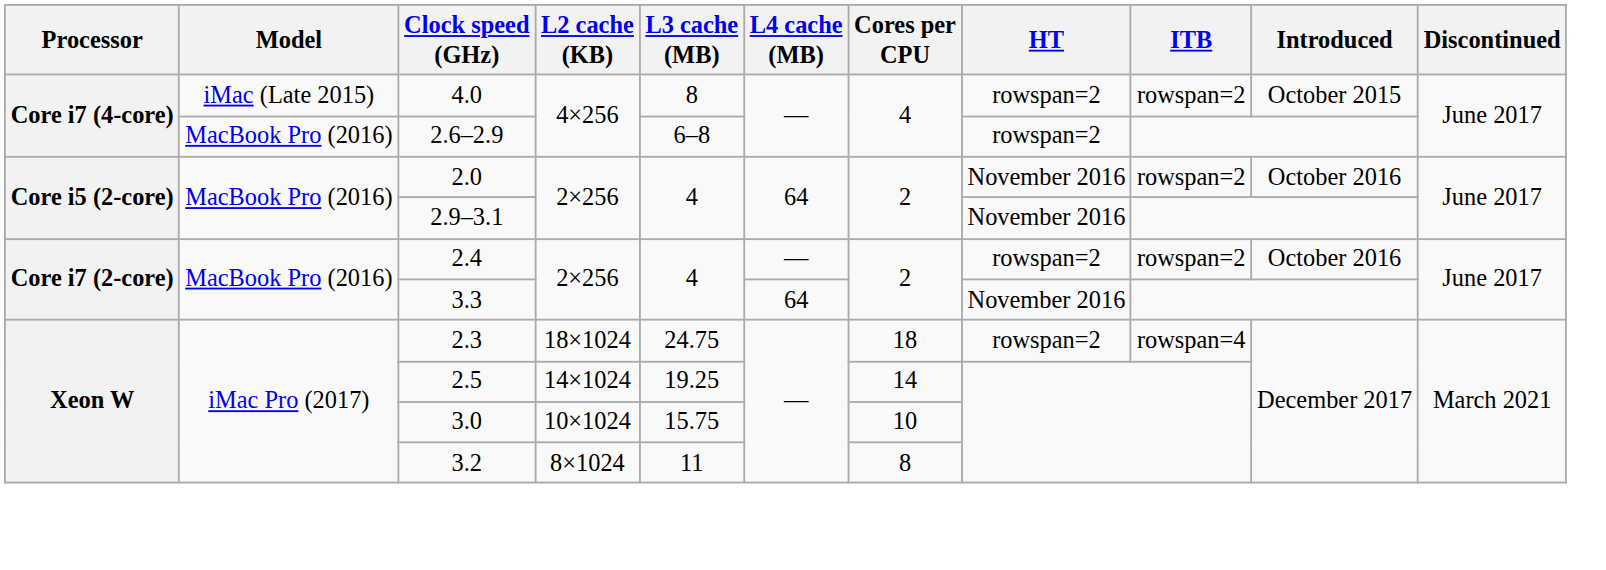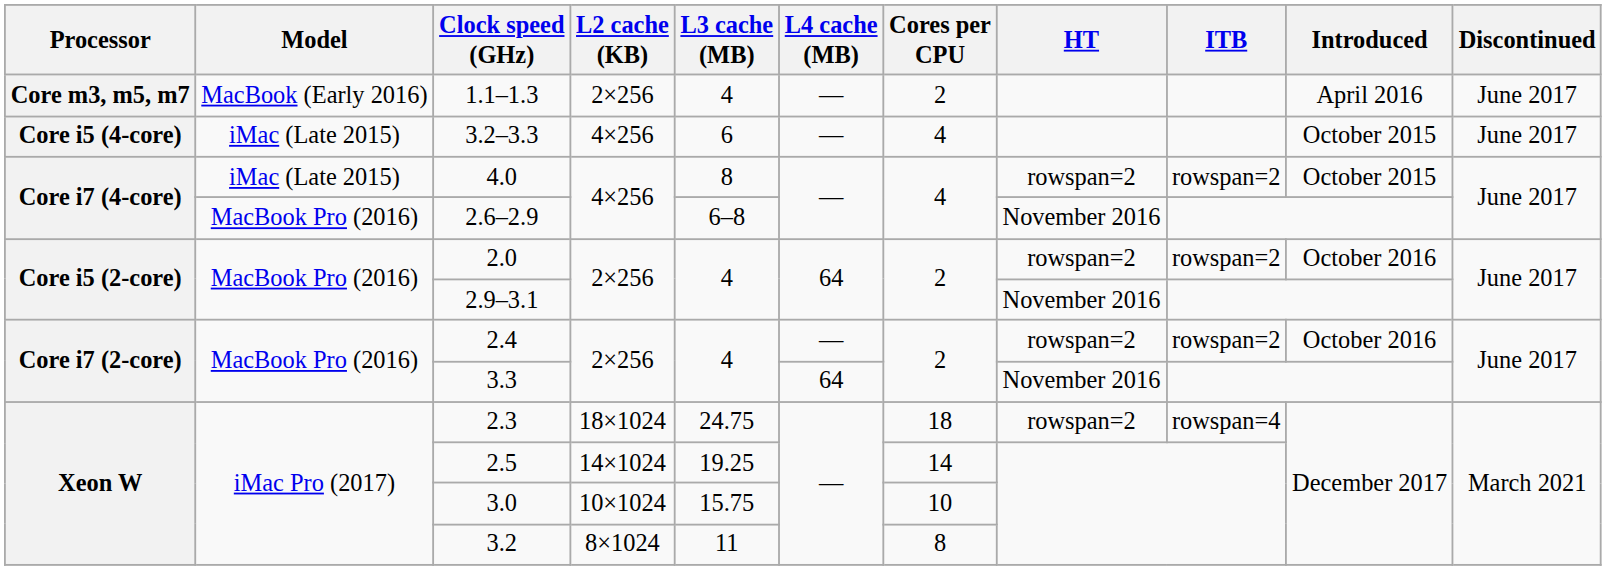 <table class="wikitable sortable" style="font-size:smaller; text-align:center">
 <tr>
 <th>Processor</th>
 <th>Model</th>
 <th><a href='#'>Clock speed</a><br>(GHz)</th>
 <th><a href='#'>L2 cache</a><br>(KB)</th>
 <th><a href='#'>L3 cache</a><br>(MB)</th>
 <th><a href='#'>L4 cache</a><br>(MB)</th>
 <th>Cores per<br>CPU</th>
 <th><a href='#'>HT</a></th>
 <th><a href='#'>ITB</a></th>
 <th>Introduced</th>
 <th>Discontinued</th>
+</tr>
+<tr>
+<th>Core m3, m5, m7</th>
+<td><a href='#'>MacBook</a> (Early 2016)</td>
+<td>1.1–1.3</td>
+<td>2×256</td>
+<td>4</td>
+<td>—</td>
+<td>2</td>
+<td></td>
+<td></td>
+<td>April 2016</td>
+<td>June 2017</td>
+</tr>
+<tr>
+<th>Core i5 (4-core)</th>
+<td><a href='#'>iMac</a> (Late 2015)</td>
+<td>3.2–3.3</td>
+<td>4×256</td>
+<td>6</td>
+<td>—</td>
+<td>4</td>
+<td></td>
+<td></td>
+<td>October 2015</td>
+<td>June 2017</td>
 </tr>
 <tr>
 <th rowspan=2>Core i7 (4-core)</th>
 <td><a href='#'>iMac</a> (Late 2015)</td>
 <td>4.0</td>
 <td rowspan=2>4×256</td>
 <td>8</td>
 <td rowspan=2>—</td>
 <td rowspan=2>4</td>
 <td>rowspan=2 </td>
 <td>rowspan=2 </td>
 <td>October 2015</td>
 <td rowspan=2>June 2017</td>
 </tr>
 <tr>
 <td><a href='#'>MacBook Pro</a> (2016)</td>
 <td>2.6–2.9</td>
 <td>6–8</td>
-<td>rowspan=2 </td>
+<td>November 2016</td>
 </tr>
 <tr>
 <th rowspan=2>Core i5 (2-core)</th>
 <td rowspan=2><a href='#'>MacBook Pro</a> (2016)</td>
 <td>2.0</td>
 <td rowspan=2>2×256</td>
 <td rowspan=2>4</td>
 <td rowspan=2>64</td>
 <td rowspan=2>2</td>
-<td>November 2016</td>
+<td>rowspan=2 </td>
 <td>rowspan=2 </td>
 <td>October 2016</td>
 <td rowspan=2>June 2017</td>
 </tr>
 <tr>
 <td>2.9–3.1</td>
 <td>November 2016</td>
 </tr>
 <tr>
 <th rowspan=2>Core i7 (2-core)</th>
 <td rowspan=2><a href='#'>MacBook Pro</a> (2016)</td>
 <td>2.4</td>
 <td rowspan=2>2×256</td>
 <td rowspan=2>4</td>
 <td>—</td>
 <td rowspan=2>2</td>
 <td>rowspan=2 </td>
 <td>rowspan=2 </td>
 <td>October 2016</td>
 <td rowspan=2>June 2017</td>
 </tr>
 <tr>
 <td>3.3</td>
 <td>64</td>
 <td>November 2016</td>
 </tr>
 <tr>
 <th rowspan=4>Xeon W</th>
 <td rowspan=4><a href='#'>iMac Pro</a> (2017)</td>
 <td>2.3</td>
 <td>18×1024</td>
 <td>24.75</td>
 <td rowspan=4>—</td>
 <td>18</td>
 <td>rowspan=2 </td>
 <td>rowspan=4 </td>
 <td rowspan=4>December 2017</td>
 <td rowspan=4>March 2021</td>
 </tr>
 <tr>
 <td>2.5</td>
 <td>14×1024</td>
 <td>19.25</td>
 <td>14</td>
 </tr>
 <tr>
 <td>3.0</td>
 <td>10×1024</td>
 <td>15.75</td>
 <td>10</td>
 </tr>
 <tr>
 <td>3.2</td>
 <td>8×1024</td>
 <td>11</td>
 <td>8</td>
 </tr>
 </table>
